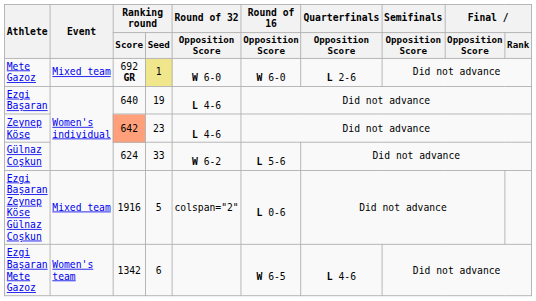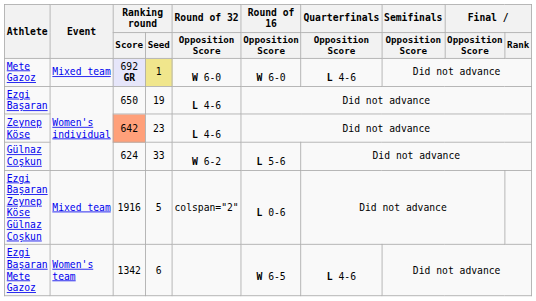 <table class="wikitable" style="text-align:center; font-size:90%">
 <tr>
 <th rowspan="2">Athlete</th>
 <th rowspan="2">Event</th>
 <th colspan="2">Ranking round</th>
 <th>Round of 32</th>
 <th>Round of 16</th>
 <th>Quarterfinals</th>
 <th>Semifinals</th>
 <th colspan="2">Final / </th>
 </tr>
 <tr style="font-size:95%">
 <th>Score</th>
 <th>Seed</th>
 <th>Opposition<br>Score</th>
 <th>Opposition<br>Score</th>
 <th>Opposition<br>Score</th>
 <th>Opposition<br>Score</th>
 <th>Opposition<br>Score</th>
 <th>Rank</th>
 </tr>
 <tr>
 <td align="left"><a href='#'>Mete Gazoz</a></td>
 <td align="left"><a href='#'>Mixed team</a></td>
-<td>692 <strong>GR</strong></td>
+<td style="background: lavender;">692 <strong>GR</strong></td>
 <td style="background: khaki;">1</td>
 <td><br><strong>W</strong> 6-0</td>
 <td><br><strong>W</strong> 6-0</td>
-<td><br><strong>L</strong> 2-6</td>
+<td><br><strong>L</strong> 4-6</td>
 <td colspan=3>Did not advance</td>
 </tr>
 <tr>
 <td align="left"><a href='#'>Ezgi Başaran</a></td>
 <td align="left" rowspan="3"><a href='#'>Women's individual</a></td>
-<td>640</td>
+<td>650</td>
 <td>19</td>
 <td><br><strong>L</strong> 4-6</td>
 <td colspan=5>Did not advance</td>
 </tr>
 <tr>
 <td align="left"><a href='#'>Zeynep Köse</a></td>
 <td style="background: lightsalmon;">642</td>
 <td>23</td>
 <td><br><strong>L</strong> 4-6</td>
 <td colspan=5>Did not advance</td>
 </tr>
 <tr>
 <td align="left"><a href='#'>Gülnaz Coşkun</a></td>
 <td>624</td>
 <td>33</td>
 <td><br><strong>W</strong> 6-2</td>
 <td><br><strong>L</strong> 5-6</td>
 <td colspan=4>Did not advance</td>
 </tr>
 <tr>
 <td align="left"><a href='#'>Ezgi Başaran</a><br><a href='#'>Zeynep Köse</a><br><a href='#'>Gülnaz Coşkun</a></td>
 <td align="left"><a href='#'>Mixed team</a></td>
 <td>1916</td>
 <td>5</td>
 <td>colspan="2" </td>
 <td><br><strong>L</strong> 0-6</td>
 <td colspan=3>Did not advance</td>
 </tr>
 <tr>
 <td align="left"><a href='#'>Ezgi Başaran</a><br><a href='#'>Mete Gazoz</a></td>
 <td align="left"><a href='#'>Women's team</a></td>
 <td>1342</td>
 <td>6</td>
 <td></td>
 <td><br><strong>W</strong> 6-5</td>
 <td><br><strong>L</strong> 4-6</td>
 <td colspan=3>Did not advance</td>
 </tr>
 </table>
